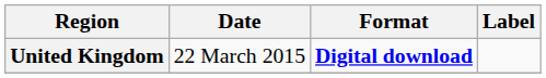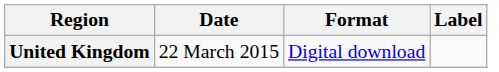 <table class="wikitable plainrowheaders">
 <tr>
 <th scope="col">Region</th>
 <th scope="col">Date</th>
 <th scope="col">Format</th>
 <th scope="col">Label</th>
 </tr>
 <tr>
 <th scope="row">United Kingdom</th>
 <td>22 March 2015</td>
-<td><strong><a href='#'>Digital download</a></strong></td>
+<td><a href='#'>Digital download</a></td>
 <td></td>
 </tr>
 <tr>
 </tr>
 </table>
